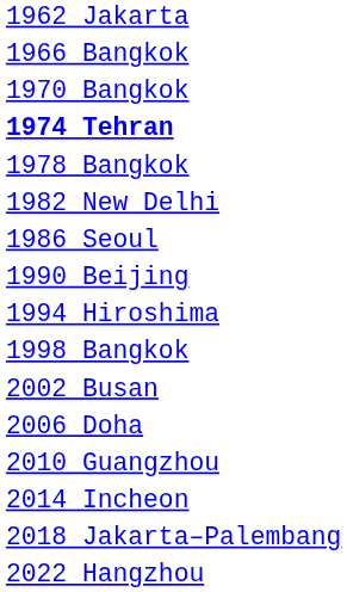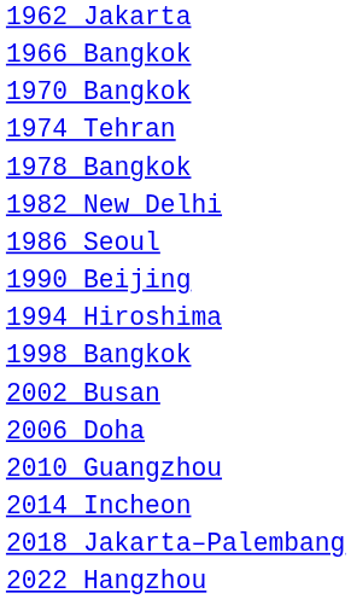 <table>
 <tr>
 <td><a href='#'>1962 Jakarta</a></td>
 <td></td>
 <td></td>
 <td></td>
 </tr>
 <tr>
 <td rowspan=2><a href='#'>1966 Bangkok</a></td>
 <td rowspan=2></td>
 <td rowspan=2></td>
 <td></td>
 </tr>
 <tr>
 <td></td>
 </tr>
 <tr>
 <td rowspan=2><a href='#'>1970 Bangkok</a></td>
 <td rowspan=2></td>
 <td rowspan=2></td>
 <td></td>
 </tr>
 <tr>
 <td></td>
 </tr>
 <tr>
-<td><strong><a href='#'>1974 Tehran</a></strong></td>
+<td><a href='#'>1974 Tehran</a></td>
 <td></td>
 <td></td>
 <td></td>
 </tr>
 <tr>
 <td rowspan=2><a href='#'>1978 Bangkok</a></td>
 <td rowspan=2></td>
 <td rowspan=2></td>
 <td></td>
 </tr>
 <tr>
 <td></td>
 </tr>
 <tr>
 <td rowspan=2><a href='#'>1982 New Delhi</a></td>
 <td rowspan=2></td>
 <td rowspan=2></td>
 <td></td>
 </tr>
 <tr>
 <td></td>
 </tr>
 <tr>
 <td rowspan=2><a href='#'>1986 Seoul</a></td>
 <td rowspan=2></td>
 <td rowspan=2></td>
 <td></td>
 </tr>
 <tr>
 <td></td>
 </tr>
 <tr>
 <td rowspan=2><a href='#'>1990 Beijing</a></td>
 <td rowspan=2></td>
 <td rowspan=2></td>
 <td></td>
 </tr>
 <tr>
 <td></td>
 </tr>
 <tr>
 <td rowspan=2><a href='#'>1994 Hiroshima</a></td>
 <td rowspan=2></td>
 <td rowspan=2></td>
 <td></td>
 </tr>
 <tr>
 <td></td>
 </tr>
 <tr>
 <td rowspan=2><a href='#'>1998 Bangkok</a></td>
 <td rowspan=2></td>
 <td rowspan=2></td>
 <td></td>
 </tr>
 <tr>
 <td></td>
 </tr>
 <tr>
 <td rowspan=2><a href='#'>2002 Busan</a></td>
 <td rowspan=2></td>
 <td rowspan=2></td>
 <td></td>
 </tr>
 <tr>
 <td></td>
 </tr>
 <tr>
 <td rowspan=2><a href='#'>2006 Doha</a></td>
 <td rowspan=2></td>
 <td rowspan=2></td>
 <td></td>
 </tr>
 <tr>
 <td></td>
 </tr>
 <tr>
 <td rowspan=2><a href='#'>2010 Guangzhou</a></td>
 <td rowspan=2></td>
 <td rowspan=2></td>
 <td></td>
 </tr>
 <tr>
 <td></td>
 </tr>
 <tr>
 <td rowspan=2><a href='#'>2014 Incheon</a></td>
 <td rowspan=2></td>
 <td rowspan=2></td>
 <td></td>
 </tr>
 <tr>
 <td></td>
 </tr>
 <tr>
 <td rowspan=2><a href='#'>2018 Jakarta–Palembang</a></td>
 <td rowspan=2></td>
 <td rowspan=2></td>
 <td></td>
 </tr>
 <tr>
 <td></td>
 </tr>
 <tr>
 <td rowspan=2><a href='#'>2022 Hangzhou</a></td>
 <td rowspan=2></td>
 <td rowspan=2></td>
 <td></td>
 </tr>
 <tr>
 <td></td>
 </tr>
 </table>
